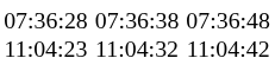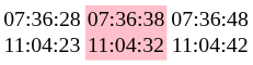 <table align="center">
 <tr>
 <td></td>
 <td></td>
 <td></td>
 </tr>
 <tr align="center" style="font-size:smaller;">
 <td>07:36:28<br>11:04:23</td>
-<td>07:36:38<br>11:04:32</td>
+<td style="background: pink;">07:36:38<br>11:04:32</td>
 <td>07:36:48<br>11:04:42</td>
 </tr>
 </table>
